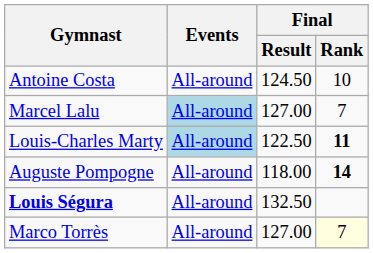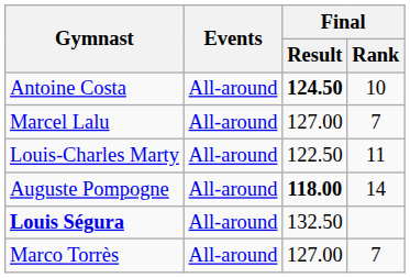 <table class=wikitable style="font-size:90%">
 <tr>
 <th rowspan="2">Gymnast</th>
 <th rowspan="2">Events</th>
 <th colspan="2">Final</th>
 </tr>
 <tr>
 <th>Result</th>
 <th>Rank</th>
 </tr>
 <tr>
 <td><a href='#'>Antoine Costa</a></td>
 <td><a href='#'>All-around</a></td>
-<td align=center>124.50</td>
+<td align=center><strong>124.50</strong></td>
 <td align=center>10</td>
 </tr>
 <tr>
 <td><a href='#'>Marcel Lalu</a></td>
-<td style="background: lightblue;"><a href='#'>All-around</a></td>
+<td><a href='#'>All-around</a></td>
 <td align=center>127.00</td>
 <td align=center>7</td>
 </tr>
 <tr>
 <td><a href='#'>Louis-Charles Marty</a></td>
-<td style="background: lightblue;"><a href='#'>All-around</a></td>
+<td><a href='#'>All-around</a></td>
 <td align=center>122.50</td>
-<td align=center><strong>11</strong></td>
+<td align=center>11</td>
 </tr>
 <tr>
 <td><a href='#'>Auguste Pompogne</a></td>
 <td><a href='#'>All-around</a></td>
-<td align=center>118.00</td>
-<td align=center><strong>14</strong></td>
+<td align=center><strong>118.00</strong></td>
+<td align=center>14</td>
 </tr>
 <tr>
 <td><strong><a href='#'>Louis Ségura</a></strong></td>
 <td><a href='#'>All-around</a></td>
 <td align=center>132.50</td>
 <td align=center></td>
 </tr>
 <tr>
 <td><a href='#'>Marco Torrès</a></td>
 <td><a href='#'>All-around</a></td>
 <td align=center>127.00</td>
-<td align=center style="background: lightyellow;">7</td>
+<td align=center>7</td>
 </tr>
 </table>
